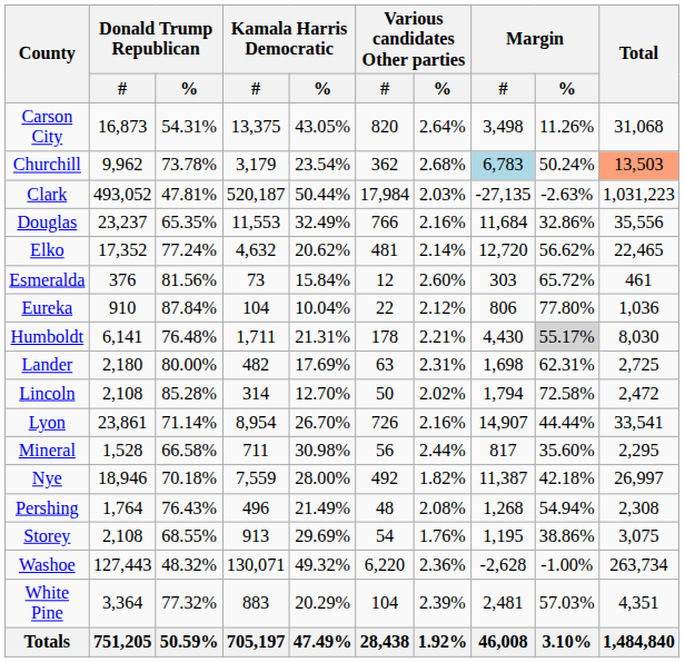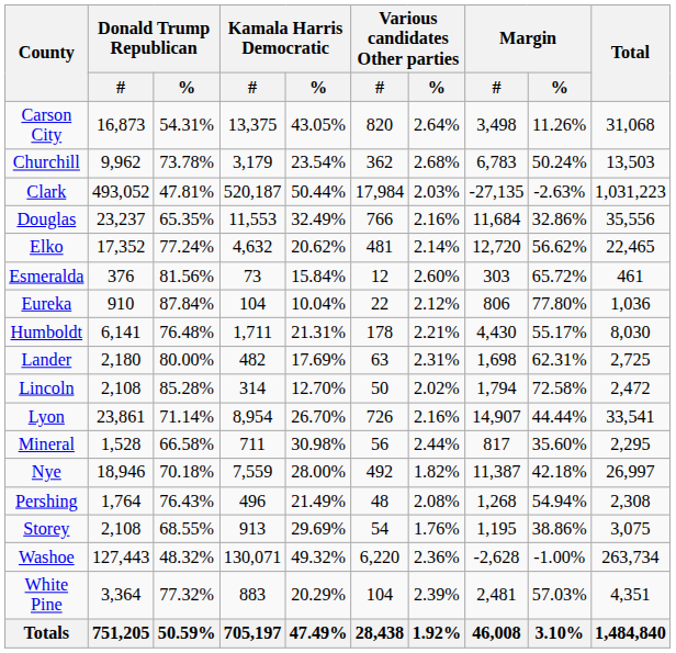 <table width="60%"  class="wikitable sortable" style="text-align:center">
 <tr>
 <th style="text-align:center;" rowspan="2">County</th>
 <th style="text-align:center;" colspan="2">Donald Trump<br>Republican</th>
 <th style="text-align:center;" colspan="2">Kamala Harris<br>Democratic</th>
 <th style="text-align:center;" colspan="2">Various candidates<br>Other parties</th>
 <th style="text-align:center;" colspan="2">Margin</th>
 <th style="text-align:center;" rowspan="2">Total</th>
 </tr>
 <tr>
 <th style="text-align:center;" data-sort-type="number">#</th>
 <th style="text-align:center;" data-sort-type="number">%</th>
 <th style="text-align:center;" data-sort-type="number">#</th>
 <th style="text-align:center;" data-sort-type="number">%</th>
 <th style="text-align:center;" data-sort-type="number">#</th>
 <th style="text-align:center;" data-sort-type="number">%</th>
 <th style="text-align:center;" data-sort-type="number">#</th>
 <th style="text-align:center;" data-sort-type="number">%</th>
 </tr>
 <tr style="text-align:center;">
 <td><a href='#'>Carson City</a></td>
 <td>16,873</td>
 <td>54.31%</td>
 <td>13,375</td>
 <td>43.05%</td>
 <td>820</td>
 <td>2.64%</td>
 <td>3,498</td>
 <td>11.26%</td>
 <td>31,068</td>
 </tr>
 <tr style="text-align:center;">
 <td><a href='#'>Churchill</a></td>
 <td>9,962</td>
 <td>73.78%</td>
 <td>3,179</td>
 <td>23.54%</td>
 <td>362</td>
 <td>2.68%</td>
-<td style="background: lightblue;">6,783</td>
+<td>6,783</td>
 <td>50.24%</td>
-<td style="background: lightsalmon;">13,503</td>
+<td>13,503</td>
 </tr>
 <tr style="text-align:center;">
 <td><a href='#'>Clark</a></td>
 <td>493,052</td>
 <td>47.81%</td>
 <td>520,187</td>
 <td>50.44%</td>
 <td>17,984</td>
 <td>2.03%</td>
 <td>-27,135</td>
 <td>-2.63%</td>
 <td>1,031,223</td>
 </tr>
 <tr style="text-align:center;">
 <td><a href='#'>Douglas</a></td>
 <td>23,237</td>
 <td>65.35%</td>
 <td>11,553</td>
 <td>32.49%</td>
 <td>766</td>
 <td>2.16%</td>
 <td>11,684</td>
 <td>32.86%</td>
 <td>35,556</td>
 </tr>
 <tr style="text-align:center;">
 <td><a href='#'>Elko</a></td>
 <td>17,352</td>
 <td>77.24%</td>
 <td>4,632</td>
 <td>20.62%</td>
 <td>481</td>
 <td>2.14%</td>
 <td>12,720</td>
 <td>56.62%</td>
 <td>22,465</td>
 </tr>
 <tr style="text-align:center;">
 <td><a href='#'>Esmeralda</a></td>
 <td>376</td>
 <td>81.56%</td>
 <td>73</td>
 <td>15.84%</td>
 <td>12</td>
 <td>2.60%</td>
 <td>303</td>
 <td>65.72%</td>
 <td>461</td>
 </tr>
 <tr style="text-align:center;">
 <td><a href='#'>Eureka</a></td>
 <td>910</td>
 <td>87.84%</td>
 <td>104</td>
 <td>10.04%</td>
 <td>22</td>
 <td>2.12%</td>
 <td>806</td>
 <td>77.80%</td>
 <td>1,036</td>
 </tr>
 <tr style="text-align:center;">
 <td><a href='#'>Humboldt</a></td>
 <td>6,141</td>
 <td>76.48%</td>
 <td>1,711</td>
 <td>21.31%</td>
 <td>178</td>
 <td>2.21%</td>
 <td>4,430</td>
-<td style="background: lightgrey;">55.17%</td>
+<td>55.17%</td>
 <td>8,030</td>
 </tr>
 <tr style="text-align:center;">
 <td><a href='#'>Lander</a></td>
 <td>2,180</td>
 <td>80.00%</td>
 <td>482</td>
 <td>17.69%</td>
 <td>63</td>
 <td>2.31%</td>
 <td>1,698</td>
 <td>62.31%</td>
 <td>2,725</td>
 </tr>
 <tr style="text-align:center;">
 <td><a href='#'>Lincoln</a></td>
 <td>2,108</td>
 <td>85.28%</td>
 <td>314</td>
 <td>12.70%</td>
 <td>50</td>
 <td>2.02%</td>
 <td>1,794</td>
 <td>72.58%</td>
 <td>2,472</td>
 </tr>
 <tr style="text-align:center;">
 <td><a href='#'>Lyon</a></td>
 <td>23,861</td>
 <td>71.14%</td>
 <td>8,954</td>
 <td>26.70%</td>
 <td>726</td>
 <td>2.16%</td>
 <td>14,907</td>
 <td>44.44%</td>
 <td>33,541</td>
 </tr>
 <tr style="text-align:center;">
 <td><a href='#'>Mineral</a></td>
 <td>1,528</td>
 <td>66.58%</td>
 <td>711</td>
 <td>30.98%</td>
 <td>56</td>
 <td>2.44%</td>
 <td>817</td>
 <td>35.60%</td>
 <td>2,295</td>
 </tr>
 <tr style="text-align:center;">
 <td><a href='#'>Nye</a></td>
 <td>18,946</td>
 <td>70.18%</td>
 <td>7,559</td>
 <td>28.00%</td>
 <td>492</td>
 <td>1.82%</td>
 <td>11,387</td>
 <td>42.18%</td>
 <td>26,997</td>
 </tr>
 <tr style="text-align:center;">
 <td><a href='#'>Pershing</a></td>
 <td>1,764</td>
 <td>76.43%</td>
 <td>496</td>
 <td>21.49%</td>
 <td>48</td>
 <td>2.08%</td>
 <td>1,268</td>
 <td>54.94%</td>
 <td>2,308</td>
 </tr>
 <tr style="text-align:center;">
 <td><a href='#'>Storey</a></td>
 <td>2,108</td>
 <td>68.55%</td>
 <td>913</td>
 <td>29.69%</td>
 <td>54</td>
 <td>1.76%</td>
 <td>1,195</td>
 <td>38.86%</td>
 <td>3,075</td>
 </tr>
 <tr style="text-align:center;">
 <td><a href='#'>Washoe</a></td>
 <td>127,443</td>
 <td>48.32%</td>
 <td>130,071</td>
 <td>49.32%</td>
 <td>6,220</td>
 <td>2.36%</td>
 <td>-2,628</td>
 <td>-1.00%</td>
 <td>263,734</td>
 </tr>
 <tr style="text-align:center;">
 <td><a href='#'>White Pine</a></td>
 <td>3,364</td>
 <td>77.32%</td>
 <td>883</td>
 <td>20.29%</td>
 <td>104</td>
 <td>2.39%</td>
 <td>2,481</td>
 <td>57.03%</td>
 <td>4,351</td>
 </tr>
 <tr>
 <th>Totals</th>
 <th>751,205</th>
 <th>50.59%</th>
 <th>705,197</th>
 <th>47.49%</th>
 <th>28,438</th>
 <th>1.92%</th>
 <th>46,008</th>
 <th>3.10%</th>
 <th>1,484,840</th>
 </tr>
 </table>
